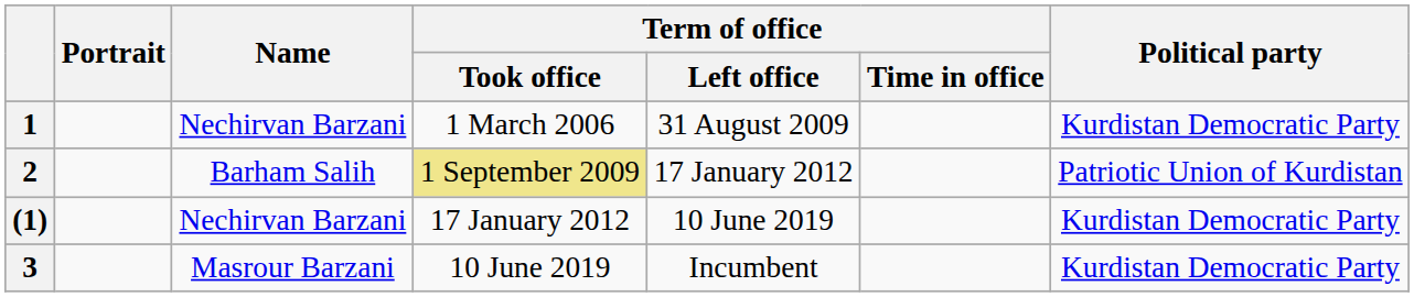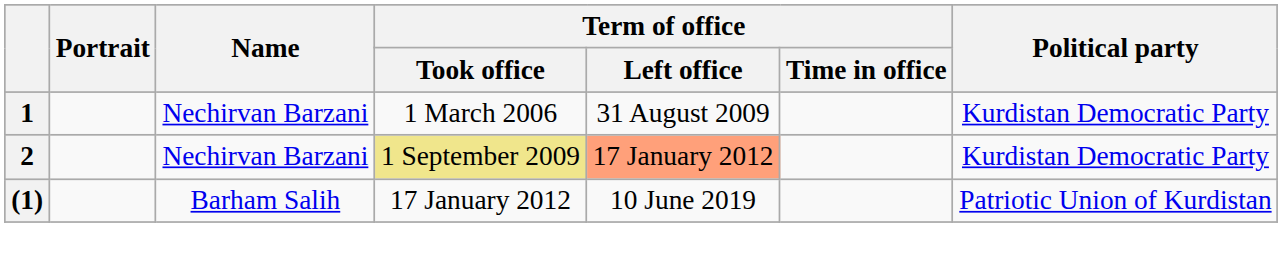 <table class="wikitable" style="text-align:center">
 <tr>
 <th rowspan=2></th>
 <th rowspan=2>Portrait</th>
 <th rowspan=2>Name<br></th>
 <th colspan=3>Term of office</th>
 <th rowspan=2>Political party</th>
 </tr>
 <tr>
 <th>Took office</th>
 <th>Left office</th>
 <th>Time in office</th>
 </tr>
 <tr>
 <th style="background:">1</th>
 <td></td>
 <td><a href='#'>Nechirvan Barzani</a><br></td>
 <td>1 March 2006</td>
 <td>31 August 2009</td>
 <td></td>
 <td><a href='#'>Kurdistan Democratic Party</a></td>
 </tr>
 <tr>
 <th style="background:">2</th>
 <td></td>
-<td><a href='#'>Barham Salih</a><br></td>
+<td><a href='#'>Nechirvan Barzani</a><br></td>
 <td style="background: khaki;">1 September 2009</td>
-<td>17 January 2012</td>
+<td style="background: lightsalmon;">17 January 2012</td>
 <td></td>
-<td><a href='#'>Patriotic Union of Kurdistan</a></td>
+<td><a href='#'>Kurdistan Democratic Party</a></td>
 </tr>
 <tr>
 <th style="background:">(1)</th>
 <td></td>
-<td><a href='#'>Nechirvan Barzani</a><br></td>
+<td><a href='#'>Barham Salih</a><br></td>
 <td>17 January 2012</td>
 <td>10 June 2019</td>
 <td></td>
-<td><a href='#'>Kurdistan Democratic Party</a></td>
-</tr>
-<tr>
-<th style="background:">3</th>
-<td></td>
-<td><a href='#'>Masrour Barzani</a><br></td>
-<td>10 June 2019</td>
-<td>Incumbent</td>
-<td></td>
-<td><a href='#'>Kurdistan Democratic Party</a></td>
+<td><a href='#'>Patriotic Union of Kurdistan</a></td>
 </tr>
 </table>
